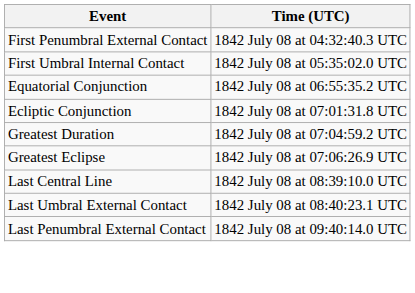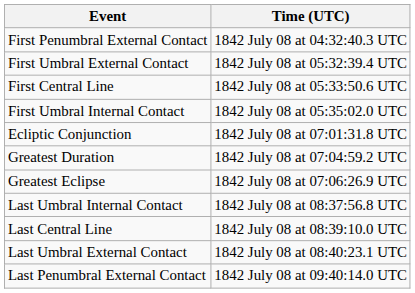 <table class="wikitable">
 <tr>
 <th>Event</th>
 <th>Time (UTC)</th>
 </tr>
 <tr>
 <td>First Penumbral External Contact</td>
 <td>1842 July 08 at 04:32:40.3 UTC</td>
 </tr>
 <tr>
+<td>First Umbral External Contact</td>
+<td>1842 July 08 at 05:32:39.4 UTC</td>
+</tr>
+<tr>
+<td>First Central Line</td>
+<td>1842 July 08 at 05:33:50.6 UTC</td>
+</tr>
+<tr>
 <td>First Umbral Internal Contact</td>
 <td>1842 July 08 at 05:35:02.0 UTC</td>
-</tr>
-<tr>
-<td>Equatorial Conjunction</td>
-<td>1842 July 08 at 06:55:35.2 UTC</td>
 </tr>
 <tr>
 <td>Ecliptic Conjunction</td>
 <td>1842 July 08 at 07:01:31.8 UTC</td>
 </tr>
 <tr>
 <td>Greatest Duration</td>
 <td>1842 July 08 at 07:04:59.2 UTC</td>
 </tr>
 <tr>
 <td>Greatest Eclipse</td>
 <td>1842 July 08 at 07:06:26.9 UTC</td>
 </tr>
 <tr>
+<td>Last Umbral Internal Contact</td>
+<td>1842 July 08 at 08:37:56.8 UTC</td>
+</tr>
+<tr>
 <td>Last Central Line</td>
 <td>1842 July 08 at 08:39:10.0 UTC</td>
 </tr>
 <tr>
 <td>Last Umbral External Contact</td>
 <td>1842 July 08 at 08:40:23.1 UTC</td>
 </tr>
 <tr>
 <td>Last Penumbral External Contact</td>
 <td>1842 July 08 at 09:40:14.0 UTC</td>
 </tr>
 </table>
